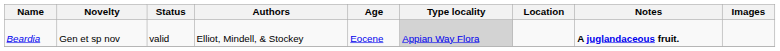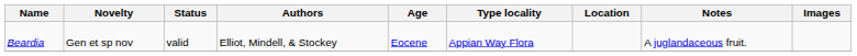 <table class="wikitable sortable" align="center" width="100%">
 <tr>
 <th>Name</th>
 <th>Novelty</th>
 <th>Status</th>
 <th>Authors</th>
 <th>Age</th>
 <th>Type locality</th>
 <th>Location</th>
 <th>Notes</th>
 <th>Images</th>
 </tr>
 <tr>
 <td><br><em><a href='#'>Beardia</a></em></td>
 <td><br>Gen et sp nov</td>
 <td><br>valid</td>
 <td><br>Elliot, Mindell, & Stockey</td>
 <td><br><a href='#'>Eocene</a></td>
-<td style="background: lightgrey;"><br><a href='#'>Appian Way Flora</a></td>
+<td><br><a href='#'>Appian Way Flora</a></td>
 <td><br><br></td>
-<td><strong><br>A <a href='#'>juglandaceous</a> fruit.</strong></td>
+<td><br>A <a href='#'>juglandaceous</a> fruit.</td>
 <td></td>
 </tr>
 <tr>
 </tr>
 </table>
